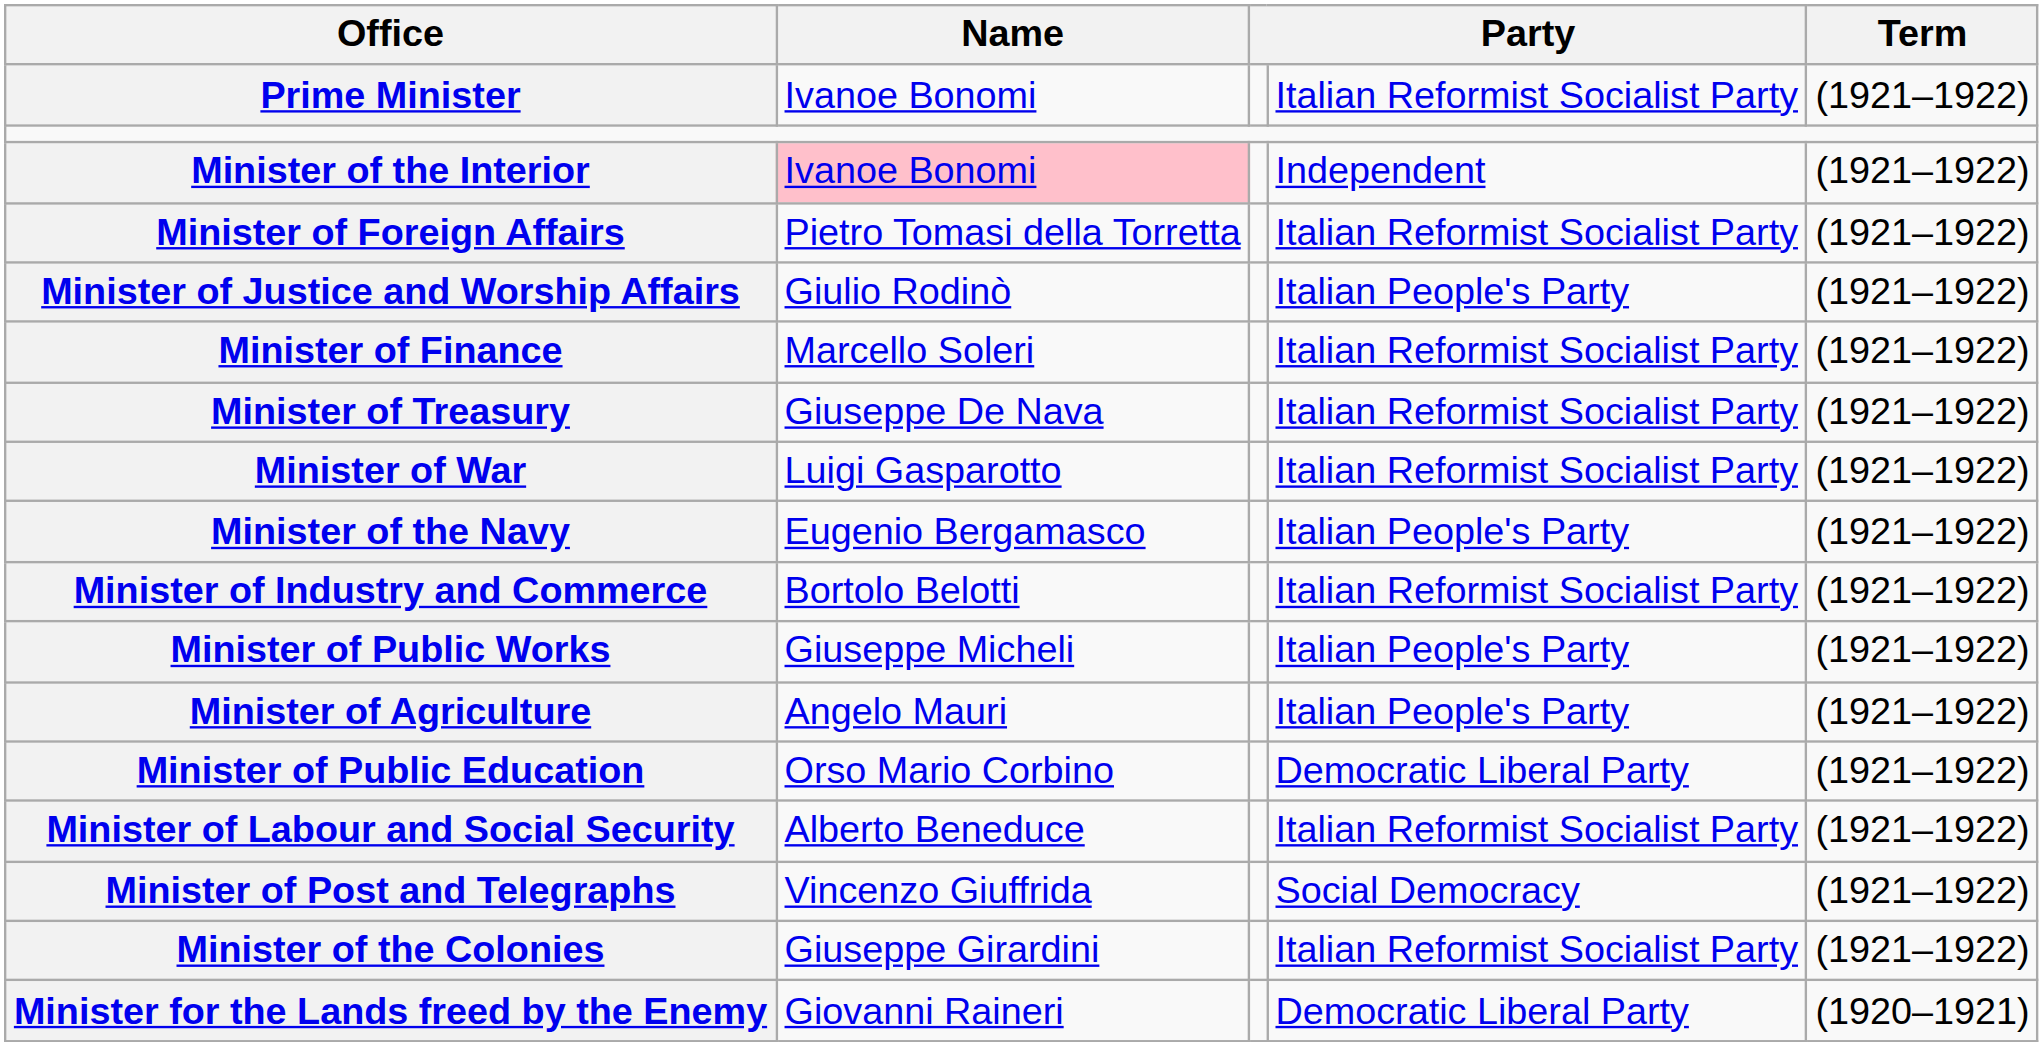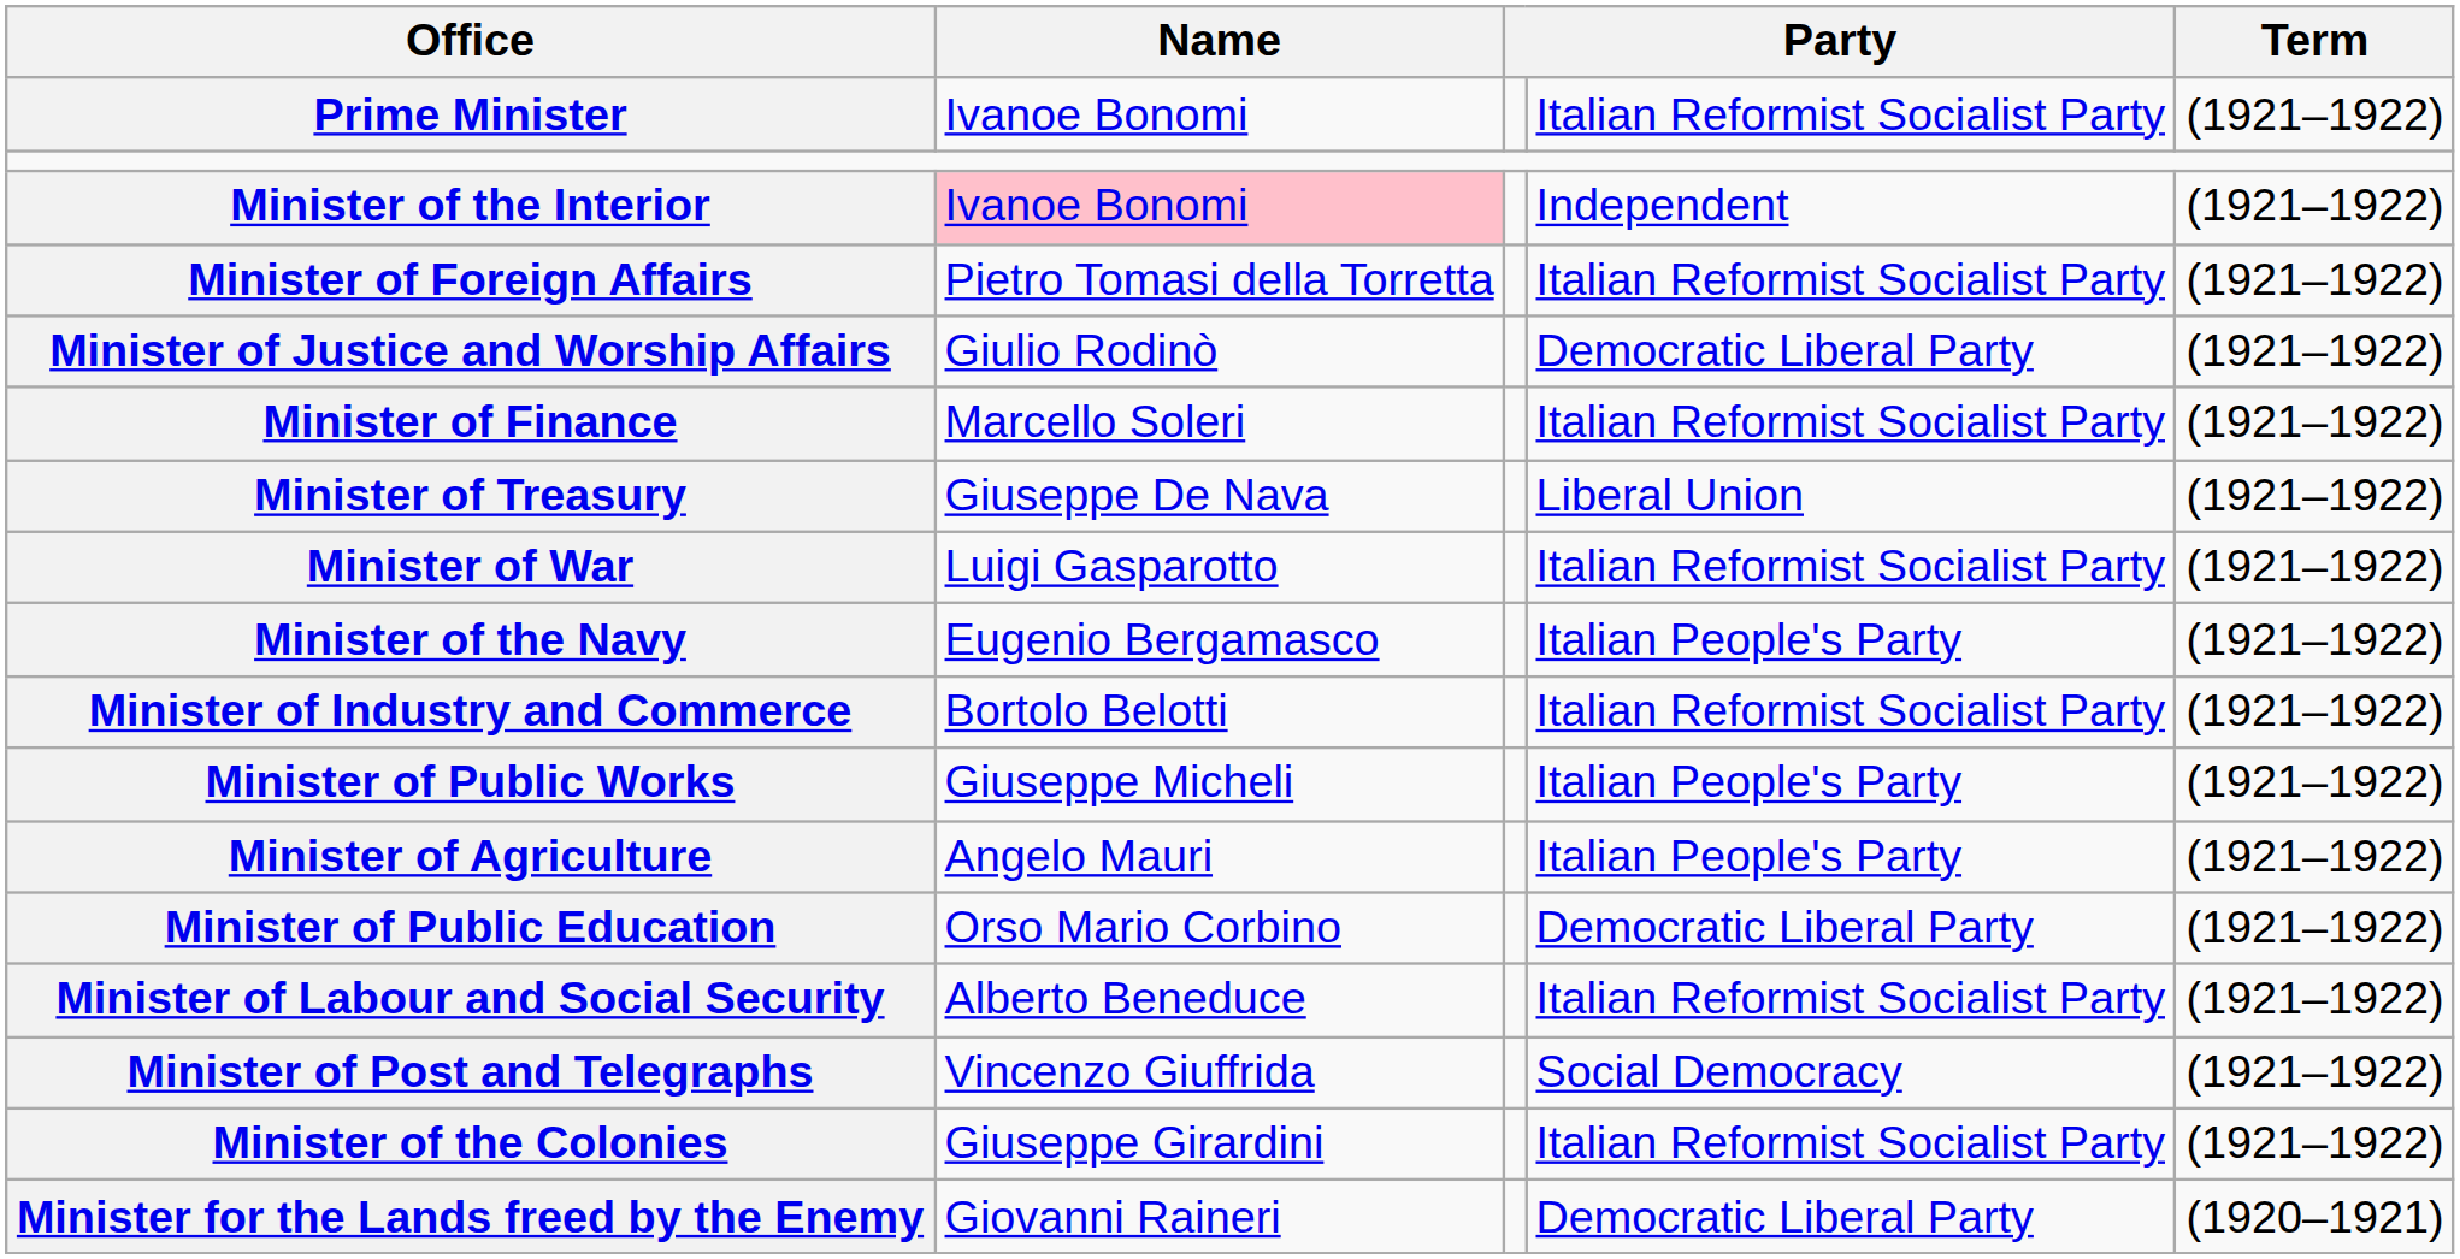 <table class="wikitable" style="font-size: 100%;">
 <tr>
 <th>Office</th>
 <th>Name</th>
 <th colspan=2>Party</th>
 <th>Term</th>
 </tr>
 <tr>
 <th><a href='#'>Prime Minister</a></th>
 <td><a href='#'>Ivanoe Bonomi</a></td>
 <td style="color:inherit;background:"></td>
 <td><a href='#'>Italian Reformist Socialist Party</a></td>
 <td>(1921–1922)</td>
 </tr>
 <tr>
 <td colspan=6></td>
 </tr>
 <tr>
 <th><a href='#'>Minister of the Interior</a></th>
 <td style="background: pink;"><a href='#'>Ivanoe Bonomi</a></td>
 <td style="color:inherit;background:"></td>
 <td><a href='#'>Independent</a></td>
 <td>(1921–1922)</td>
 </tr>
 <tr>
 <th><a href='#'>Minister of Foreign Affairs</a></th>
 <td><a href='#'>Pietro Tomasi della Torretta</a></td>
 <td style="color:inherit;background:"></td>
 <td><a href='#'>Italian Reformist Socialist Party</a></td>
 <td>(1921–1922)</td>
 </tr>
 <tr>
 <th><a href='#'>Minister of Justice and Worship Affairs</a></th>
 <td><a href='#'>Giulio Rodinò</a></td>
 <td style="color:inherit;background:"></td>
-<td><a href='#'>Italian People's Party</a></td>
+<td><a href='#'>Democratic Liberal Party</a></td>
 <td>(1921–1922)</td>
 </tr>
 <tr>
 <th><a href='#'>Minister of Finance</a></th>
 <td><a href='#'>Marcello Soleri</a></td>
 <td style="color:inherit;background:"></td>
 <td><a href='#'>Italian Reformist Socialist Party</a></td>
 <td>(1921–1922)</td>
 </tr>
 <tr>
 <th><a href='#'>Minister of Treasury</a></th>
 <td><a href='#'>Giuseppe De Nava</a></td>
 <td style="color:inherit;background:"></td>
-<td><a href='#'>Italian Reformist Socialist Party</a></td>
+<td><a href='#'>Liberal Union</a></td>
 <td>(1921–1922)</td>
 </tr>
 <tr>
 <th><a href='#'>Minister of War</a></th>
 <td><a href='#'>Luigi Gasparotto</a></td>
 <td style="color:inherit;background:"></td>
 <td><a href='#'>Italian Reformist Socialist Party</a></td>
 <td>(1921–1922)</td>
 </tr>
 <tr>
 <th><a href='#'>Minister of the Navy</a></th>
 <td><a href='#'>Eugenio Bergamasco</a></td>
 <td style="color:inherit;background:"></td>
 <td><a href='#'>Italian People's Party</a></td>
 <td>(1921–1922)</td>
 </tr>
 <tr>
 <th><a href='#'>Minister of Industry and Commerce</a></th>
 <td><a href='#'>Bortolo Belotti</a></td>
 <td style="color:inherit;background:"></td>
 <td><a href='#'>Italian Reformist Socialist Party</a></td>
 <td>(1921–1922)</td>
 </tr>
 <tr>
 <th><a href='#'>Minister of Public Works</a></th>
 <td><a href='#'>Giuseppe Micheli</a></td>
 <td style="color:inherit;background:"></td>
 <td><a href='#'>Italian People's Party</a></td>
 <td>(1921–1922)</td>
 </tr>
 <tr>
 <th><a href='#'>Minister of Agriculture</a></th>
 <td><a href='#'>Angelo Mauri</a></td>
 <td style="color:inherit;background:"></td>
 <td><a href='#'>Italian People's Party</a></td>
 <td>(1921–1922)</td>
 </tr>
 <tr>
 <th><a href='#'>Minister of Public Education</a></th>
 <td><a href='#'>Orso Mario Corbino</a></td>
 <td style="color:inherit;background:"></td>
 <td><a href='#'>Democratic Liberal Party</a></td>
 <td>(1921–1922)</td>
 </tr>
 <tr>
 <th><a href='#'>Minister of Labour and Social Security</a></th>
 <td><a href='#'>Alberto Beneduce</a></td>
 <td style="color:inherit;background:"></td>
 <td><a href='#'>Italian Reformist Socialist Party</a></td>
 <td>(1921–1922)</td>
 </tr>
 <tr>
 <th><a href='#'>Minister of Post and Telegraphs</a></th>
 <td><a href='#'>Vincenzo Giuffrida</a></td>
 <td style="color:inherit;background:"></td>
 <td><a href='#'>Social Democracy</a></td>
 <td>(1921–1922)</td>
 </tr>
 <tr>
 <th><a href='#'>Minister of the Colonies</a></th>
 <td><a href='#'>Giuseppe Girardini</a></td>
 <td style="color:inherit;background:"></td>
 <td><a href='#'>Italian Reformist Socialist Party</a></td>
 <td>(1921–1922)</td>
 </tr>
 <tr>
 <th><a href='#'>Minister for the Lands freed by the Enemy</a></th>
 <td><a href='#'>Giovanni Raineri</a></td>
 <td style="color:inherit;background:"></td>
 <td><a href='#'>Democratic Liberal Party</a></td>
 <td>(1920–1921)</td>
 </tr>
 </table>
